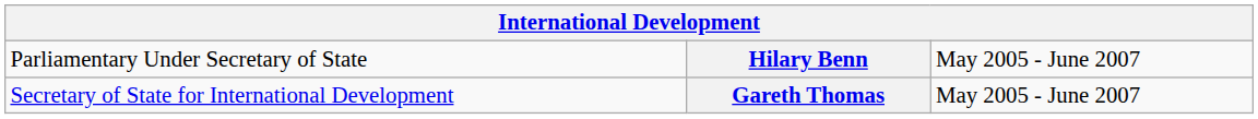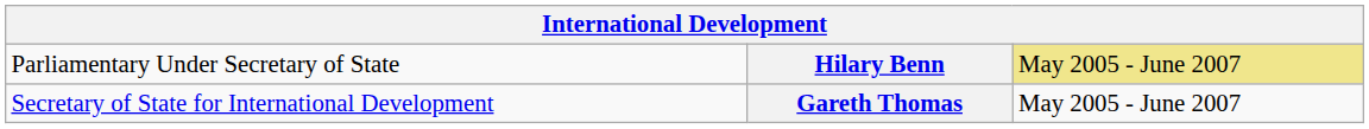 <table class="wikitable plainrowheaders"  width=100% style="max-width:55em;">
 <tr>
 <th colspan=4><a href='#'>International Development</a></th>
 </tr>
 <tr>
 <td>Parliamentary Under Secretary of State</td>
 <th Scope="row" style="font-weight:bold;"><a href='#'>Hilary Benn</a></th>
-<td>May 2005 - June 2007</td>
+<td style="background: khaki;">May 2005 - June 2007</td>
 </tr>
 <tr>
 <td><a href='#'>Secretary of State for International Development</a></td>
 <th scope="row"><a href='#'>Gareth Thomas</a></th>
 <td>May 2005 - June 2007</td>
 </tr>
 </table>
